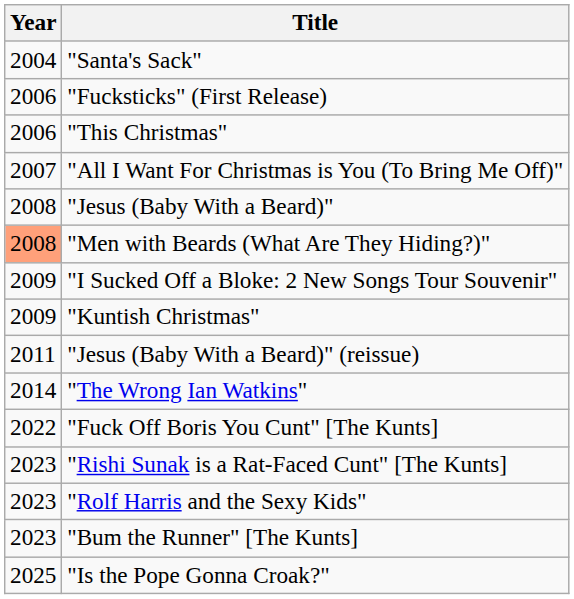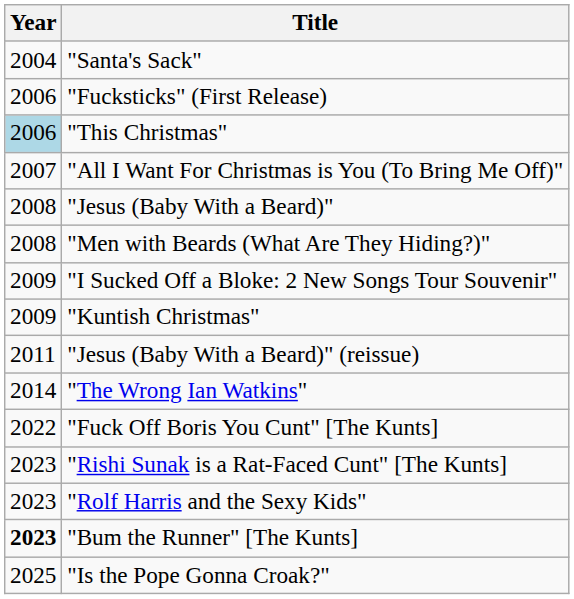 <table class="wikitable">
 <tr>
 <th>Year</th>
 <th>Title</th>
 </tr>
 <tr>
 <td>2004</td>
 <td>"Santa's Sack"</td>
 </tr>
 <tr>
 <td>2006</td>
 <td>"Fucksticks" (First Release)</td>
 </tr>
 <tr>
-<td>2006</td>
+<td style="background: lightblue;">2006</td>
 <td>"This Christmas"</td>
 </tr>
 <tr>
 <td>2007</td>
 <td>"All I Want For Christmas is You (To Bring Me Off)"</td>
 </tr>
 <tr>
 <td>2008</td>
 <td>"Jesus (Baby With a Beard)"</td>
 </tr>
 <tr>
-<td style="background: lightsalmon;">2008</td>
+<td>2008</td>
 <td>"Men with Beards (What Are They Hiding?)"</td>
 </tr>
 <tr>
 <td>2009</td>
 <td>"I Sucked Off a Bloke: 2 New Songs Tour Souvenir"</td>
 </tr>
 <tr>
 <td>2009</td>
 <td>"Kuntish Christmas"</td>
 </tr>
 <tr>
 <td>2011</td>
 <td>"Jesus (Baby With a Beard)" (reissue)</td>
 </tr>
 <tr>
 <td>2014</td>
 <td>"<a href='#'>The Wrong</a> <a href='#'>Ian Watkins</a>"</td>
 </tr>
 <tr>
 <td>2022</td>
 <td>"Fuck Off Boris You Cunt" [The Kunts]</td>
 </tr>
 <tr>
 <td>2023</td>
 <td>"<a href='#'>Rishi Sunak</a> is a Rat-Faced Cunt" [The Kunts]</td>
 </tr>
 <tr>
 <td>2023</td>
 <td>"<a href='#'>Rolf Harris</a> and the Sexy Kids"</td>
 </tr>
 <tr>
-<td>2023</td>
+<td><strong>2023</strong></td>
 <td>"Bum the Runner" [The Kunts]</td>
 </tr>
 <tr>
 <td>2025</td>
 <td>"Is the Pope Gonna Croak?"</td>
 </tr>
 </table>
